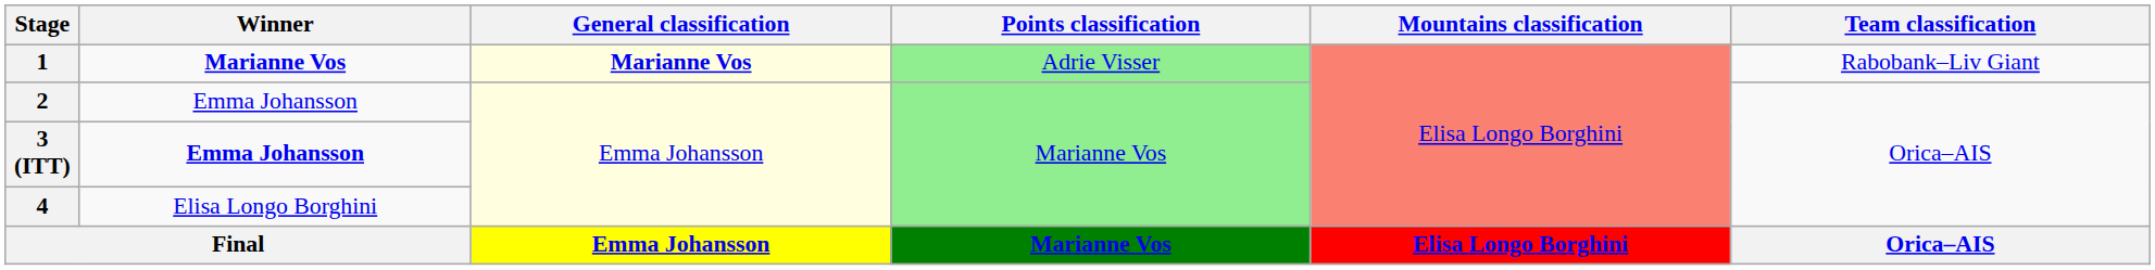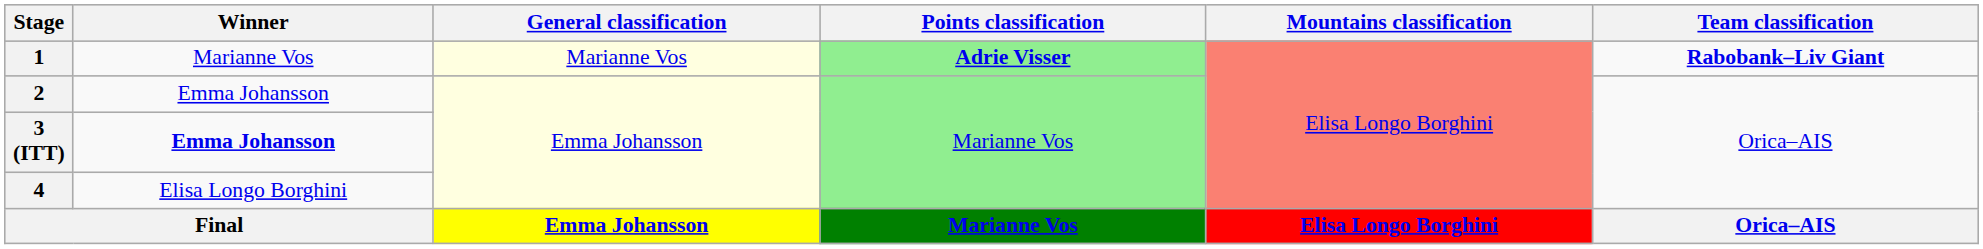 <table class="wikitable" style="text-align: center; font-size:86%;">
 <tr style="background-color: #efefef;">
 <th width="1%">Stage</th>
 <th width="14%">Winner</th>
 <th width="15%"><a href='#'>General classification</a><br></th>
 <th width="15%"><a href='#'>Points classification</a><br> </th>
 <th width="15%"><a href='#'>Mountains classification</a><br></th>
 <th width="15%"><a href='#'>Team classification</a><br></th>
 </tr>
 <tr>
 <th>1</th>
-<td><strong><a href='#'>Marianne Vos</a></strong></td>
-<td style="background:lightyellow;"><strong><a href='#'>Marianne Vos</a></strong></td>
-<td style="background:lightgreen;"><a href='#'>Adrie Visser</a></td>
+<td><a href='#'>Marianne Vos</a></td>
+<td style="background:lightyellow;"><a href='#'>Marianne Vos</a></td>
+<td style="background:lightgreen;"><strong><a href='#'>Adrie Visser</a></strong></td>
 <td style="background:salmon;" rowspan=4><a href='#'>Elisa Longo Borghini</a></td>
-<td><a href='#'>Rabobank–Liv Giant</a></td>
+<td><strong><a href='#'>Rabobank–Liv Giant</a></strong></td>
 </tr>
 <tr>
 <th>2</th>
 <td><a href='#'>Emma Johansson</a></td>
 <td style="background:lightyellow;" rowspan=3><a href='#'>Emma Johansson</a></td>
 <td style="background:lightgreen;"  rowspan=3><a href='#'>Marianne Vos</a></td>
 <td rowspan=3><a href='#'>Orica–AIS</a></td>
 </tr>
 <tr>
 <th>3 (ITT)</th>
 <td><strong><a href='#'>Emma Johansson</a></strong></td>
 </tr>
 <tr>
 <th>4</th>
 <td><a href='#'>Elisa Longo Borghini</a></td>
 </tr>
 <tr>
 <th colspan=2><strong>Final</strong></th>
 <th style="background:yellow;"><a href='#'>Emma Johansson</a></th>
 <th style="background:green;"><a href='#'>Marianne Vos</a></th>
 <th style="background:red;"><a href='#'>Elisa Longo Borghini</a></th>
 <th style="background:;"><a href='#'>Orica–AIS</a></th>
 </tr>
 </table>
